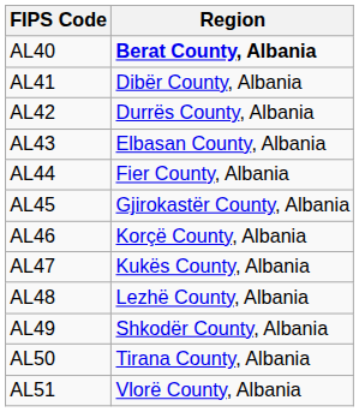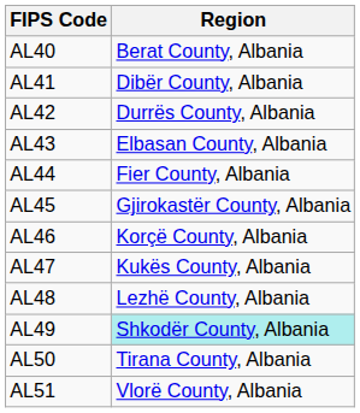 <table class="wikitable">
 <tr>
 <th>FIPS Code</th>
 <th>Region</th>
 </tr>
 <tr>
 <td>AL40</td>
-<td><strong><a href='#'>Berat County</a>, Albania</strong></td>
+<td><a href='#'>Berat County</a>, Albania</td>
 </tr>
 <tr>
 <td>AL41</td>
 <td><a href='#'>Dibër County</a>, Albania</td>
 </tr>
 <tr>
 <td>AL42</td>
 <td><a href='#'>Durrës County</a>, Albania</td>
 </tr>
 <tr>
 <td>AL43</td>
 <td><a href='#'>Elbasan County</a>, Albania</td>
 </tr>
 <tr>
 <td>AL44</td>
 <td><a href='#'>Fier County</a>, Albania</td>
 </tr>
 <tr>
 <td>AL45</td>
 <td><a href='#'>Gjirokastër County</a>, Albania</td>
 </tr>
 <tr>
 <td>AL46</td>
 <td><a href='#'>Korçë County</a>, Albania</td>
 </tr>
 <tr>
 <td>AL47</td>
 <td><a href='#'>Kukës County</a>, Albania</td>
 </tr>
 <tr>
 <td>AL48</td>
 <td><a href='#'>Lezhë County</a>, Albania</td>
 </tr>
 <tr>
 <td>AL49</td>
-<td><a href='#'>Shkodër County</a>, Albania</td>
+<td style="background: paleturquoise;"><a href='#'>Shkodër County</a>, Albania</td>
 </tr>
 <tr>
 <td>AL50</td>
 <td><a href='#'>Tirana County</a>, Albania</td>
 </tr>
 <tr>
 <td>AL51</td>
 <td><a href='#'>Vlorë County</a>, Albania</td>
 </tr>
 </table>
